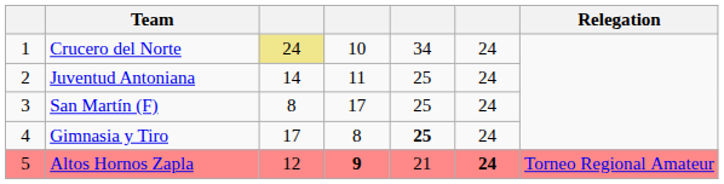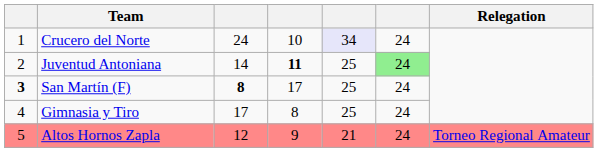 <table class="wikitable" style="text-align: center;">
 <tr>
 <th width=28><br></th>
 <th width=180>Team</th>
 <th width=50></th>
 <th width=50></th>
 <th width=50></th>
 <th width=50></th>
 <th width=120>Relegation</th>
 </tr>
 <tr>
 <td>1</td>
 <td align="left"><a href='#'>Crucero del Norte</a></td>
-<td style="background: khaki;">24</td>
+<td>24</td>
 <td>10</td>
-<td>34</td>
+<td style="background: lavender;">34</td>
 <td>24</td>
 <td rowspan=4></td>
 </tr>
 <tr>
 <td>2</td>
 <td align="left"><a href='#'>Juventud Antoniana</a></td>
 <td>14</td>
-<td>11</td>
+<td><strong>11</strong></td>
 <td>25</td>
-<td>24</td>
+<td style="background: lightgreen;">24</td>
 </tr>
 <tr>
-<td>3</td>
+<td><strong>3</strong></td>
 <td align="left"><a href='#'>San Martín (F)</a></td>
-<td>8</td>
+<td><strong>8</strong></td>
 <td>17</td>
 <td>25</td>
 <td>24</td>
 </tr>
 <tr>
 <td>4</td>
 <td align="left"><a href='#'>Gimnasia y Tiro</a></td>
 <td>17</td>
 <td>8</td>
-<td><strong>25</strong></td>
+<td>25</td>
 <td>24</td>
 </tr>
 <tr bgcolor=#FF8888>
 <td>5</td>
 <td align="left"><a href='#'>Altos Hornos Zapla</a></td>
 <td>12</td>
-<td><strong>9</strong></td>
+<td>9</td>
 <td>21</td>
-<td><strong>24</strong></td>
+<td>24</td>
 <td><a href='#'>Torneo Regional Amateur</a></td>
 </tr>
 </table>
